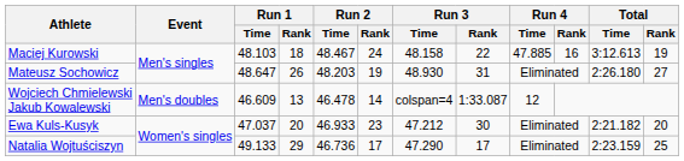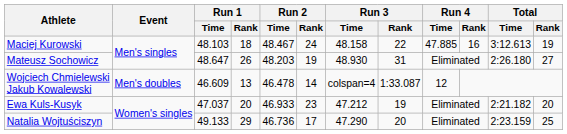 <table class="wikitable" style="font-size:90%">
 <tr>
 <th rowspan="2">Athlete</th>
 <th rowspan="2">Event</th>
 <th colspan=2>Run 1</th>
 <th colspan=2>Run 2</th>
 <th colspan=2>Run 3</th>
 <th colspan=2>Run 4</th>
 <th colspan=2>Total</th>
 </tr>
 <tr style="font-size:95%">
 <th>Time</th>
 <th>Rank</th>
 <th>Time</th>
 <th>Rank</th>
 <th>Time</th>
 <th>Rank</th>
 <th>Time</th>
 <th>Rank</th>
 <th>Time</th>
 <th>Rank</th>
 </tr>
 <tr align=center>
 <td align=left><a href='#'>Maciej Kurowski</a></td>
 <td align=left rowspan=2><a href='#'>Men's singles</a></td>
 <td>48.103</td>
 <td>18</td>
 <td>48.467</td>
 <td>24</td>
 <td>48.158</td>
 <td>22</td>
 <td>47.885</td>
 <td>16</td>
 <td>3:12.613</td>
 <td>19</td>
 </tr>
 <tr align=center>
 <td align=left><a href='#'>Mateusz Sochowicz</a></td>
 <td>48.647</td>
 <td>26</td>
 <td>48.203</td>
 <td>19</td>
 <td>48.930</td>
 <td>31</td>
 <td colspan=2>Eliminated</td>
 <td>2:26.180</td>
 <td>27</td>
 </tr>
 <tr align=center>
 <td align=left><a href='#'>Wojciech Chmielewski</a><br><a href='#'>Jakub Kowalewski</a></td>
 <td align=left><a href='#'>Men's doubles</a></td>
 <td>46.609</td>
 <td>13</td>
 <td>46.478</td>
 <td>14</td>
 <td>colspan=4 </td>
 <td>1:33.087</td>
 <td>12</td>
 </tr>
 <tr align=center>
 <td align=left><a href='#'>Ewa Kuls-Kusyk</a></td>
 <td align=left rowspan=2><a href='#'>Women's singles</a></td>
 <td>47.037</td>
 <td>20</td>
 <td>46.933</td>
 <td>23</td>
 <td>47.212</td>
-<td>30</td>
+<td>19</td>
 <td colspan=2>Eliminated</td>
 <td>2:21.182</td>
 <td>20</td>
 </tr>
 <tr align=center>
 <td align=left><a href='#'>Natalia Wojtuściszyn</a></td>
 <td>49.133</td>
 <td>29</td>
 <td>46.736</td>
 <td>17</td>
 <td>47.290</td>
-<td>17</td>
+<td>20</td>
 <td colspan=2>Eliminated</td>
 <td>2:23.159</td>
 <td>25</td>
 </tr>
 </table>
